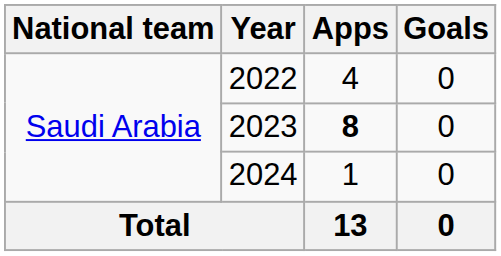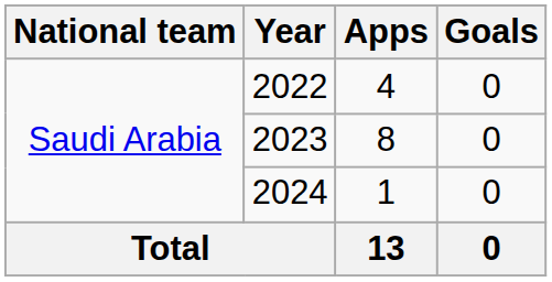 <table class="wikitable" style="text-align:center">
 <tr>
 <th>National team</th>
 <th>Year</th>
 <th>Apps</th>
 <th>Goals</th>
 </tr>
 <tr>
 <td rowspan="3"><a href='#'>Saudi Arabia</a></td>
 <td>2022</td>
 <td>4</td>
 <td>0</td>
 </tr>
 <tr>
 <td>2023</td>
-<td><strong>8</strong></td>
+<td>8</td>
 <td>0</td>
 </tr>
 <tr>
 <td>2024</td>
 <td>1</td>
 <td>0</td>
 </tr>
 <tr>
 <th colspan="2">Total</th>
 <th>13</th>
 <th>0</th>
 </tr>
 </table>
